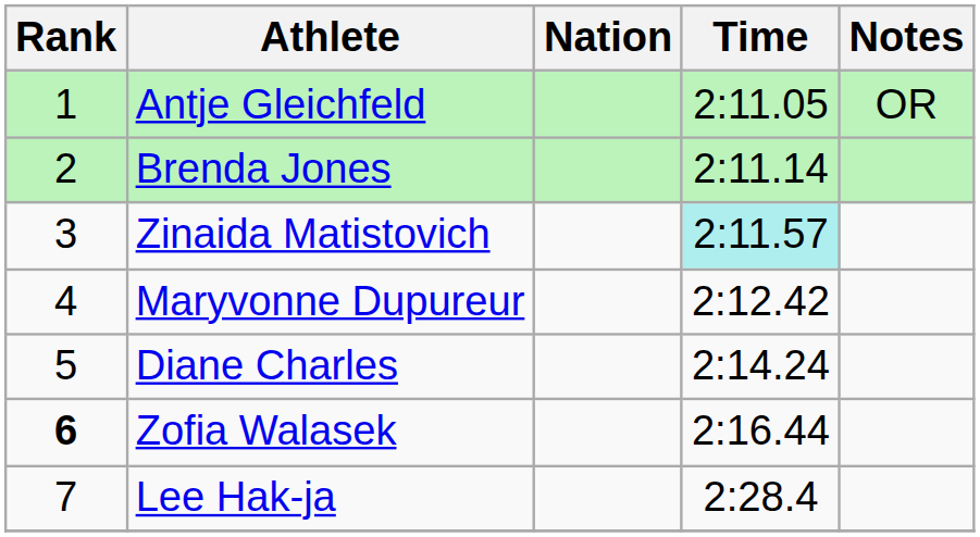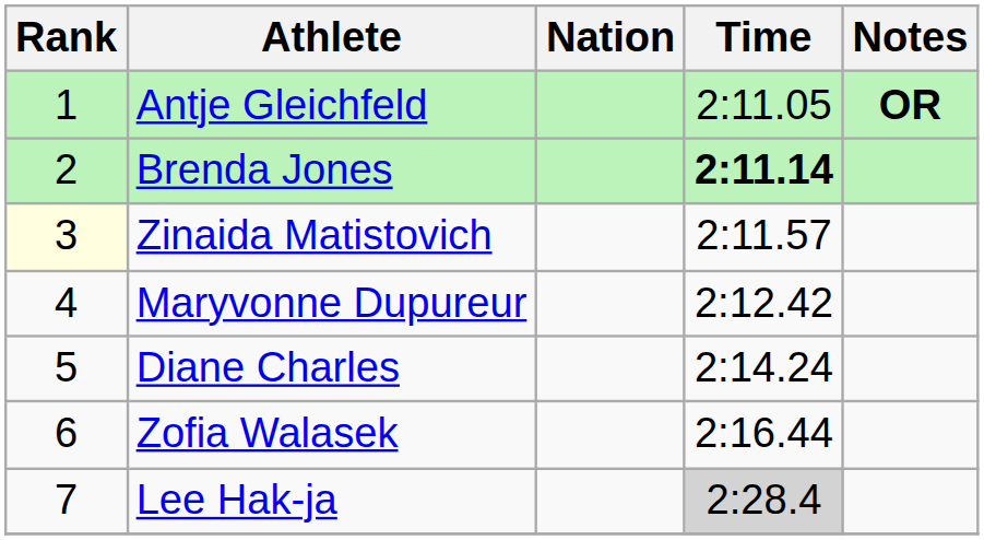 <table class="wikitable sortable" style="text-align:center">
 <tr>
 <th>Rank</th>
 <th>Athlete</th>
 <th>Nation</th>
 <th>Time</th>
 <th>Notes</th>
 </tr>
 <tr bgcolor=bbf3bb>
 <td>1</td>
 <td align=left><a href='#'>Antje Gleichfeld</a></td>
 <td align=left></td>
 <td>2:11.05</td>
-<td>OR</td>
+<td><strong>OR</strong></td>
 </tr>
 <tr bgcolor=bbf3bb>
 <td>2</td>
 <td align=left><a href='#'>Brenda Jones</a></td>
 <td align=left></td>
-<td>2:11.14</td>
+<td><strong>2:11.14</strong></td>
 <td></td>
 </tr>
 <tr>
-<td>3</td>
+<td style="background: lightyellow;">3</td>
 <td align=left><a href='#'>Zinaida Matistovich</a></td>
 <td align=left></td>
-<td style="background: paleturquoise;">2:11.57</td>
+<td>2:11.57</td>
 <td></td>
 </tr>
 <tr>
 <td>4</td>
 <td align=left><a href='#'>Maryvonne Dupureur</a></td>
 <td align=left></td>
 <td>2:12.42</td>
 <td></td>
 </tr>
 <tr>
 <td>5</td>
 <td align=left><a href='#'>Diane Charles</a></td>
 <td align=left></td>
 <td>2:14.24</td>
 <td></td>
 </tr>
 <tr>
-<td><strong>6</strong></td>
+<td>6</td>
 <td align=left><a href='#'>Zofia Walasek</a></td>
 <td align=left></td>
 <td>2:16.44</td>
 <td></td>
 </tr>
 <tr>
 <td>7</td>
 <td align=left><a href='#'>Lee Hak-ja</a></td>
 <td align=left></td>
-<td>2:28.4</td>
+<td style="background: lightgrey;">2:28.4</td>
 <td></td>
 </tr>
 <tr>
 </tr>
 </table>
